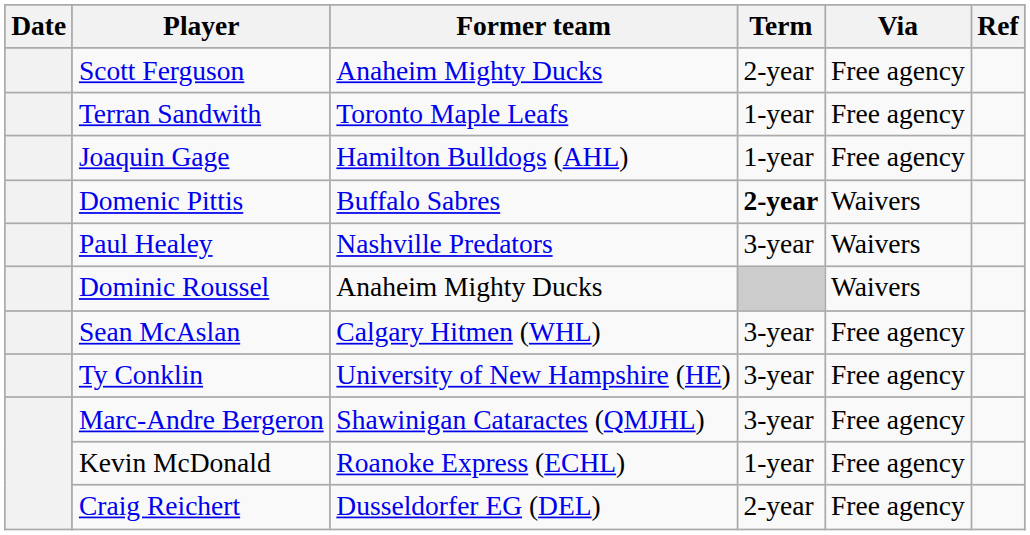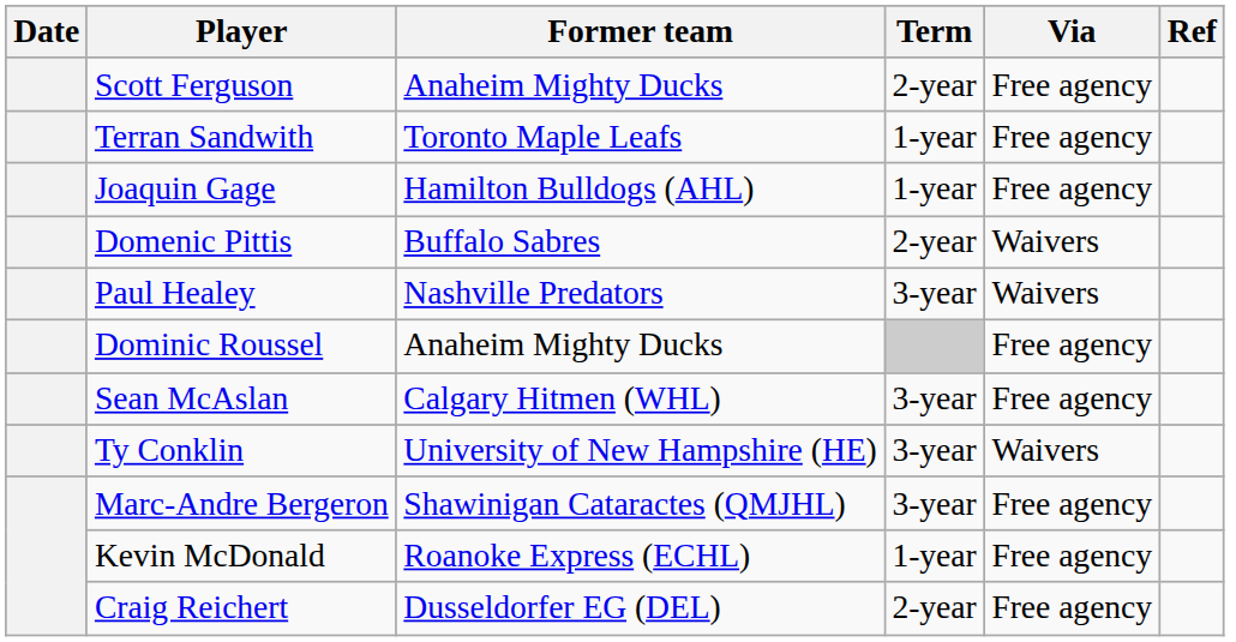 <table class="wikitable plainrowheaders">
 <tr style="background:#ddd; text-align:center;">
 <th>Date</th>
 <th>Player</th>
 <th>Former team</th>
 <th>Term</th>
 <th>Via</th>
 <th>Ref</th>
 </tr>
 <tr>
 <th scope="row"></th>
 <td><a href='#'>Scott Ferguson</a></td>
 <td><a href='#'>Anaheim Mighty Ducks</a></td>
 <td>2-year</td>
 <td>Free agency</td>
 <td></td>
 </tr>
 <tr>
 <th scope="row"></th>
 <td><a href='#'>Terran Sandwith</a></td>
 <td><a href='#'>Toronto Maple Leafs</a></td>
 <td>1-year</td>
 <td>Free agency</td>
 <td></td>
 </tr>
 <tr>
 <th scope="row"></th>
 <td><a href='#'>Joaquin Gage</a></td>
 <td><a href='#'>Hamilton Bulldogs</a> (<a href='#'>AHL</a>)</td>
 <td>1-year</td>
 <td>Free agency</td>
 <td></td>
 </tr>
 <tr>
 <th scope="row"></th>
 <td><a href='#'>Domenic Pittis</a></td>
 <td><a href='#'>Buffalo Sabres</a></td>
-<td><strong>2-year</strong></td>
+<td>2-year</td>
 <td>Waivers</td>
 <td></td>
 </tr>
 <tr>
 <th scope="row"></th>
 <td><a href='#'>Paul Healey</a></td>
 <td><a href='#'>Nashville Predators</a></td>
 <td>3-year</td>
 <td>Waivers</td>
 <td></td>
 </tr>
 <tr>
 <th scope="row"></th>
 <td><a href='#'>Dominic Roussel</a></td>
 <td>Anaheim Mighty Ducks</td>
 <td style="background:#ccc"></td>
-<td>Waivers</td>
+<td>Free agency</td>
 <td></td>
 </tr>
 <tr>
 <th scope="row"></th>
 <td><a href='#'>Sean McAslan</a></td>
 <td><a href='#'>Calgary Hitmen</a> (<a href='#'>WHL</a>)</td>
 <td>3-year</td>
 <td>Free agency</td>
 <td></td>
 </tr>
 <tr>
 <th scope="row"></th>
 <td><a href='#'>Ty Conklin</a></td>
 <td><a href='#'>University of New Hampshire</a> (<a href='#'>HE</a>)</td>
 <td>3-year</td>
-<td>Free agency</td>
+<td>Waivers</td>
 <td></td>
 </tr>
 <tr>
 <th scope="row" rowspan=3></th>
 <td><a href='#'>Marc-Andre Bergeron</a></td>
 <td><a href='#'>Shawinigan Cataractes</a> (<a href='#'>QMJHL</a>)</td>
 <td>3-year</td>
 <td>Free agency</td>
 <td></td>
 </tr>
 <tr>
 <td>Kevin McDonald</td>
 <td><a href='#'>Roanoke Express</a> (<a href='#'>ECHL</a>)</td>
 <td>1-year</td>
 <td>Free agency</td>
 <td></td>
 </tr>
 <tr>
 <td><a href='#'>Craig Reichert</a></td>
 <td><a href='#'>Dusseldorfer EG</a> (<a href='#'>DEL</a>)</td>
 <td>2-year</td>
 <td>Free agency</td>
 <td></td>
 </tr>
 </table>
